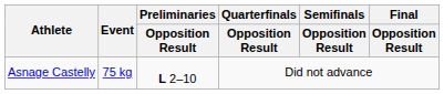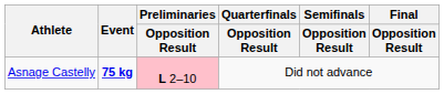 <table class="wikitable" border="1" style="font-size:90%">
 <tr>
 <th rowspan=2>Athlete</th>
 <th rowspan=2>Event</th>
 <th>Preliminaries</th>
 <th>Quarterfinals</th>
 <th>Semifinals</th>
 <th>Final</th>
 </tr>
 <tr>
 <th>Opposition<br>Result</th>
 <th>Opposition<br>Result</th>
 <th>Opposition<br>Result</th>
 <th>Opposition<br>Result</th>
 </tr>
 <tr align=center>
 <td><a href='#'>Asnage Castelly</a></td>
-<td><a href='#'>75 kg</a></td>
-<td> <br> <strong>L</strong> 2–10</td>
+<td><strong><a href='#'>75 kg</a></strong></td>
+<td style="background: pink;"> <br> <strong>L</strong> 2–10</td>
 <td colspan=3>Did not advance</td>
 </tr>
 </table>
